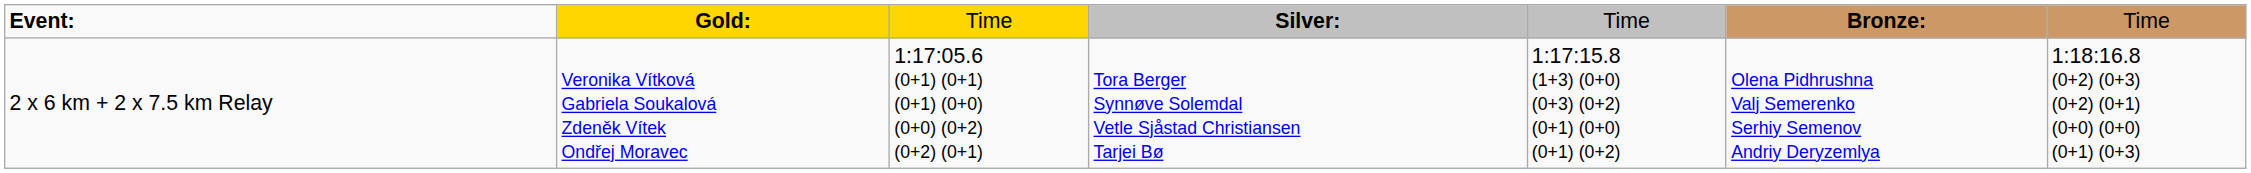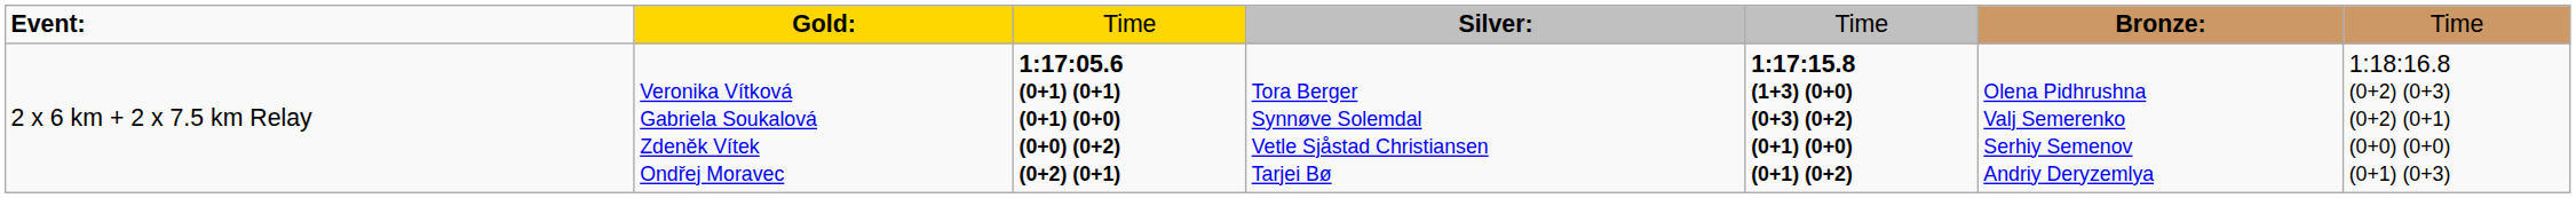 <table class="wikitable" border="1" style="width:85%;">
 <tr>
 <td><strong>Event:</strong></td>
 <td style="text-align:center;background-color:gold;"><strong>Gold:</strong></td>
 <td style="text-align:center;background-color:gold;">Time</td>
 <td style="text-align:center;background-color:silver;"><strong>Silver:</strong></td>
 <td style="text-align:center;background-color:silver;">Time</td>
 <td style="text-align:center;background-color:#CC9966;"><strong>Bronze:</strong></td>
 <td style="text-align:center;background-color:#CC9966;">Time</td>
 </tr>
 <tr>
 <td>2 x 6 km + 2 x 7.5 km Relay<br><em></em></td>
 <td><strong></strong><br><small><a href='#'>Veronika Vítková</a><br><a href='#'>Gabriela Soukalová</a><br><a href='#'>Zdeněk Vítek</a><br><a href='#'>Ondřej Moravec</a></small></td>
-<td>1:17:05.6<br><small>(0+1) (0+1)<br>(0+1) (0+0)<br>(0+0) (0+2)<br>(0+2) (0+1)</small></td>
+<td><strong>1:17:05.6<br><small>(0+1) (0+1)<br>(0+1) (0+0)<br>(0+0) (0+2)<br>(0+2) (0+1)</small></strong></td>
 <td><br><small><a href='#'>Tora Berger</a><br><a href='#'>Synnøve Solemdal</a><br><a href='#'>Vetle Sjåstad Christiansen</a><br><a href='#'>Tarjei Bø</a></small></td>
-<td>1:17:15.8<br><small>(1+3) (0+0)<br>(0+3) (0+2)<br>(0+1) (0+0)<br>(0+1) (0+2)</small></td>
+<td><strong>1:17:15.8<br><small>(1+3) (0+0)<br>(0+3) (0+2)<br>(0+1) (0+0)<br>(0+1) (0+2)</small></strong></td>
 <td><br><small><a href='#'>Olena Pidhrushna</a><br><a href='#'>Valj Semerenko</a><br><a href='#'>Serhiy Semenov</a><br><a href='#'>Andriy Deryzemlya</a></small></td>
 <td>1:18:16.8<br><small>(0+2) (0+3)<br>(0+2) (0+1)<br>(0+0) (0+0)<br>(0+1) (0+3)</small></td>
 </tr>
 </table>
